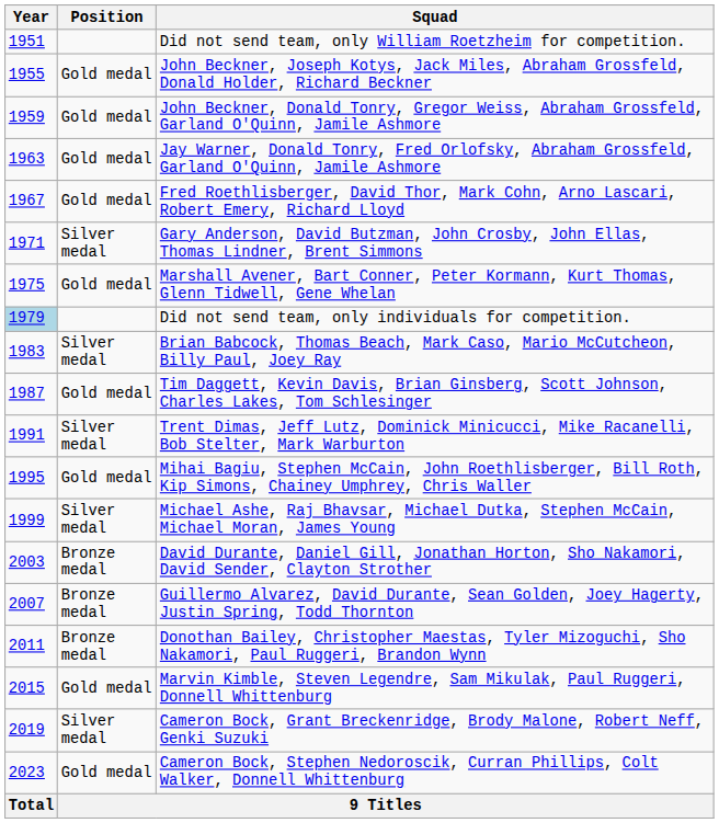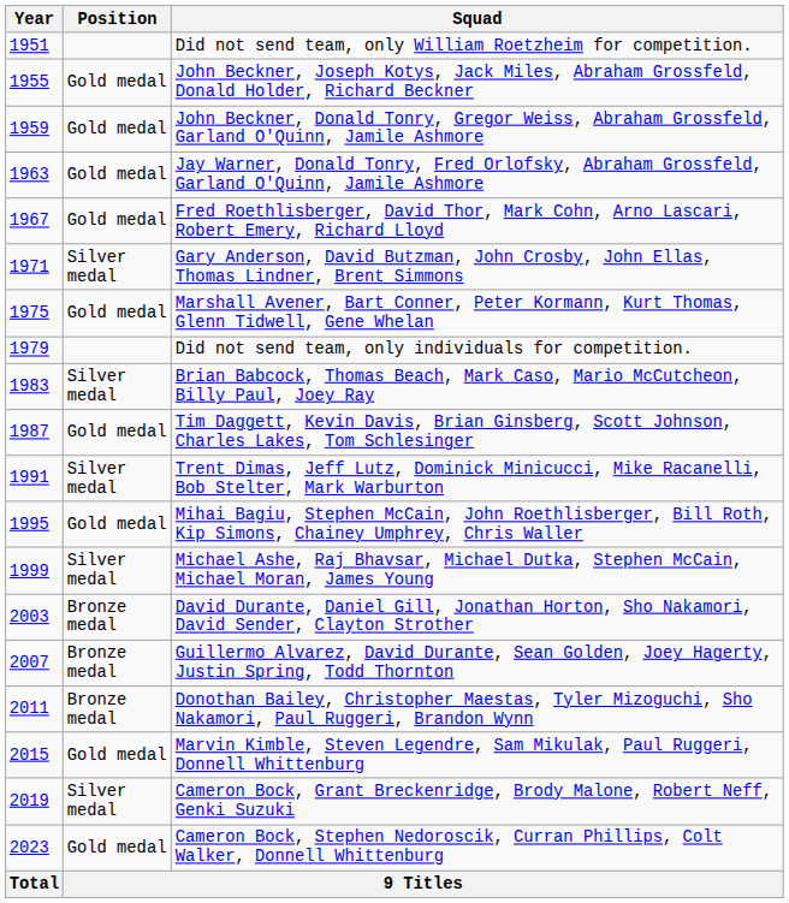 <table class="wikitable" style="text-align: center;">
 <tr>
 <th>Year</th>
 <th>Position</th>
 <th>Squad</th>
 </tr>
 <tr style="text-align:left;">
 <td><a href='#'>1951</a></td>
 <td></td>
 <td>Did not send team, only <a href='#'>William Roetzheim</a> for competition.</td>
 </tr>
 <tr style="text-align:left;">
 <td><a href='#'>1955</a></td>
 <td> Gold medal</td>
 <td><a href='#'>John Beckner</a>, <a href='#'>Joseph Kotys</a>, <a href='#'>Jack Miles</a>, <a href='#'>Abraham Grossfeld</a>, <a href='#'>Donald Holder</a>, <a href='#'>Richard Beckner</a></td>
 </tr>
 <tr style="text-align:left;">
 <td><a href='#'>1959</a></td>
 <td> Gold medal</td>
 <td><a href='#'>John Beckner</a>, <a href='#'>Donald Tonry</a>, <a href='#'>Gregor Weiss</a>, <a href='#'>Abraham Grossfeld</a>, <a href='#'>Garland O'Quinn</a>, <a href='#'>Jamile Ashmore</a></td>
 </tr>
 <tr style="text-align:left;">
 <td><a href='#'>1963</a></td>
 <td> Gold medal</td>
 <td><a href='#'>Jay Warner</a>, <a href='#'>Donald Tonry</a>, <a href='#'>Fred Orlofsky</a>, <a href='#'>Abraham Grossfeld</a>, <a href='#'>Garland O'Quinn</a>, <a href='#'>Jamile Ashmore</a></td>
 </tr>
 <tr style="text-align:left;">
 <td><a href='#'>1967</a></td>
 <td> Gold medal</td>
 <td><a href='#'>Fred Roethlisberger</a>, <a href='#'>David Thor</a>, <a href='#'>Mark Cohn</a>, <a href='#'>Arno Lascari</a>, <a href='#'>Robert Emery</a>, <a href='#'>Richard Lloyd</a></td>
 </tr>
 <tr style="text-align:left;">
 <td><a href='#'>1971</a></td>
 <td> Silver medal</td>
 <td><a href='#'>Gary Anderson</a>, <a href='#'>David Butzman</a>, <a href='#'>John Crosby</a>, <a href='#'>John Ellas</a>, <a href='#'>Thomas Lindner</a>, <a href='#'>Brent Simmons</a></td>
 </tr>
 <tr style="text-align:left;">
 <td><a href='#'>1975</a></td>
 <td> Gold medal</td>
 <td><a href='#'>Marshall Avener</a>, <a href='#'>Bart Conner</a>, <a href='#'>Peter Kormann</a>, <a href='#'>Kurt Thomas</a>, <a href='#'>Glenn Tidwell</a>, <a href='#'>Gene Whelan</a></td>
 </tr>
 <tr style="text-align:left;">
-<td style="background: lightblue;"><a href='#'>1979</a></td>
+<td><a href='#'>1979</a></td>
 <td></td>
 <td>Did not send team, only individuals for competition.</td>
 </tr>
 <tr style="text-align:left;">
 <td><a href='#'>1983</a></td>
 <td> Silver medal</td>
 <td><a href='#'>Brian Babcock</a>, <a href='#'>Thomas Beach</a>, <a href='#'>Mark Caso</a>, <a href='#'>Mario McCutcheon</a>, <a href='#'>Billy Paul</a>, <a href='#'>Joey Ray</a></td>
 </tr>
 <tr style="text-align:left;">
 <td><a href='#'>1987</a></td>
 <td> Gold medal</td>
 <td><a href='#'>Tim Daggett</a>, <a href='#'>Kevin Davis</a>, <a href='#'>Brian Ginsberg</a>, <a href='#'>Scott Johnson</a>, <a href='#'>Charles Lakes</a>, <a href='#'>Tom Schlesinger</a></td>
 </tr>
 <tr style="text-align:left;">
 <td><a href='#'>1991</a></td>
 <td> Silver medal</td>
 <td><a href='#'>Trent Dimas</a>, <a href='#'>Jeff Lutz</a>, <a href='#'>Dominick Minicucci</a>, <a href='#'>Mike Racanelli</a>, <a href='#'>Bob Stelter</a>, <a href='#'>Mark Warburton</a></td>
 </tr>
 <tr style="text-align:left;">
 <td><a href='#'>1995</a></td>
 <td> Gold medal</td>
 <td><a href='#'>Mihai Bagiu</a>, <a href='#'>Stephen McCain</a>, <a href='#'>John Roethlisberger</a>, <a href='#'>Bill Roth</a>, <a href='#'>Kip Simons</a>, <a href='#'>Chainey Umphrey</a>, <a href='#'>Chris Waller</a></td>
 </tr>
 <tr style="text-align:left;">
 <td><a href='#'>1999</a></td>
 <td> Silver medal</td>
 <td><a href='#'>Michael Ashe</a>, <a href='#'>Raj Bhavsar</a>, <a href='#'>Michael Dutka</a>, <a href='#'>Stephen McCain</a>, <a href='#'>Michael Moran</a>, <a href='#'>James Young</a></td>
 </tr>
 <tr style="text-align:left;">
 <td><a href='#'>2003</a></td>
 <td> Bronze medal</td>
 <td><a href='#'>David Durante</a>, <a href='#'>Daniel Gill</a>, <a href='#'>Jonathan Horton</a>, <a href='#'>Sho Nakamori</a>, <a href='#'>David Sender</a>, <a href='#'>Clayton Strother</a></td>
 </tr>
 <tr style="text-align:left;">
 <td><a href='#'>2007</a></td>
 <td> Bronze medal</td>
 <td><a href='#'>Guillermo Alvarez</a>, <a href='#'>David Durante</a>, <a href='#'>Sean Golden</a>, <a href='#'>Joey Hagerty</a>, <a href='#'>Justin Spring</a>, <a href='#'>Todd Thornton</a></td>
 </tr>
 <tr style="text-align:left;">
 <td><a href='#'>2011</a></td>
 <td> Bronze medal</td>
 <td><a href='#'>Donothan Bailey</a>, <a href='#'>Christopher Maestas</a>, <a href='#'>Tyler Mizoguchi</a>, <a href='#'>Sho Nakamori</a>, <a href='#'>Paul Ruggeri</a>, <a href='#'>Brandon Wynn</a></td>
 </tr>
 <tr style="text-align:left;">
 <td><a href='#'>2015</a></td>
 <td> Gold medal</td>
 <td><a href='#'>Marvin Kimble</a>, <a href='#'>Steven Legendre</a>, <a href='#'>Sam Mikulak</a>, <a href='#'>Paul Ruggeri</a>, <a href='#'>Donnell Whittenburg</a></td>
 </tr>
 <tr style="text-align:left;">
 <td><a href='#'>2019</a></td>
 <td> Silver medal</td>
 <td><a href='#'>Cameron Bock</a>, <a href='#'>Grant Breckenridge</a>, <a href='#'>Brody Malone</a>, <a href='#'>Robert Neff</a>, <a href='#'>Genki Suzuki</a></td>
 </tr>
 <tr style="text-align:left;">
 <td><a href='#'>2023</a></td>
 <td> Gold medal</td>
 <td><a href='#'>Cameron Bock</a>, <a href='#'>Stephen Nedoroscik</a>, <a href='#'>Curran Phillips</a>, <a href='#'>Colt Walker</a>, <a href='#'>Donnell Whittenburg</a></td>
 </tr>
 <tr>
 <th>Total</th>
 <th colspan="2">9 Titles</th>
 </tr>
 </table>
